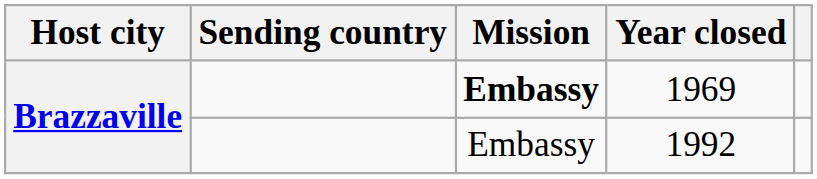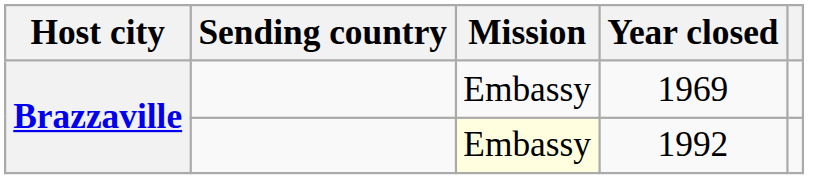 <table class="wikitable plainrowheaders">
 <tr>
 <th scope="col">Host city</th>
 <th scope="col">Sending country</th>
 <th scope="col">Mission</th>
 <th scope="col">Year closed</th>
 <th scope="col"></th>
 </tr>
 <tr>
 <th rowspan="2"><a href='#'>Brazzaville</a></th>
 <td></td>
-<td style="text-align:center;"><strong>Embassy</strong></td>
+<td style="text-align:center;">Embassy</td>
 <td style="text-align:center;">1969</td>
 <td style="text-align:center;"></td>
 </tr>
 <tr>
 <td></td>
-<td style="text-align:center;">Embassy</td>
+<td style="background: lightyellow; text-align:center;">Embassy</td>
 <td style="text-align:center;">1992</td>
 <td style="text-align:center;"></td>
 </tr>
 </table>
